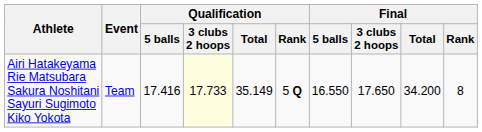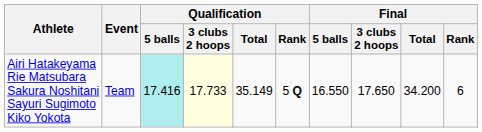 <table class="wikitable" style="font-size:90%">
 <tr>
 <th rowspan="2">Athlete</th>
 <th rowspan="2">Event</th>
 <th colspan="4">Qualification</th>
 <th colspan="4">Final</th>
 </tr>
 <tr style="font-size:95%">
 <th>5 balls</th>
 <th>3 clubs<br>2 hoops</th>
 <th>Total</th>
 <th>Rank</th>
 <th>5 balls</th>
 <th>3 clubs<br>2 hoops</th>
 <th>Total</th>
 <th>Rank</th>
 </tr>
 <tr align=center>
 <td align=left><a href='#'>Airi Hatakeyama</a><br><a href='#'>Rie Matsubara</a><br><a href='#'>Sakura Noshitani</a><br><a href='#'>Sayuri Sugimoto</a><br><a href='#'>Kiko Yokota</a></td>
 <td align=left><a href='#'>Team</a></td>
-<td>17.416</td>
+<td style="background: paleturquoise;">17.416</td>
 <td style="background: lightyellow;">17.733</td>
 <td>35.149</td>
 <td>5 <strong>Q</strong></td>
 <td>16.550</td>
 <td>17.650</td>
 <td>34.200</td>
-<td>8</td>
+<td>6</td>
 </tr>
 </table>
